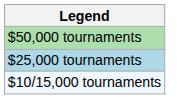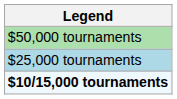 <table class=wikitable style="font-size:85%;">
 <tr>
 <th>Legend</th>
 </tr>
 <tr style="background:#addfad;">
 <td>$50,000 tournaments</td>
 </tr>
 <tr style="background:lightblue;">
 <td>$25,000 tournaments</td>
 </tr>
 <tr style="background:#f0f8ff;">
-<td>$10/15,000 tournaments</td>
+<td><strong>$10/15,000 tournaments</strong></td>
 </tr>
 </table>
